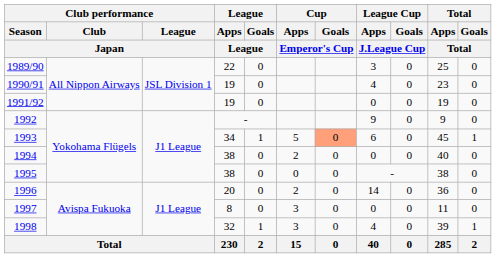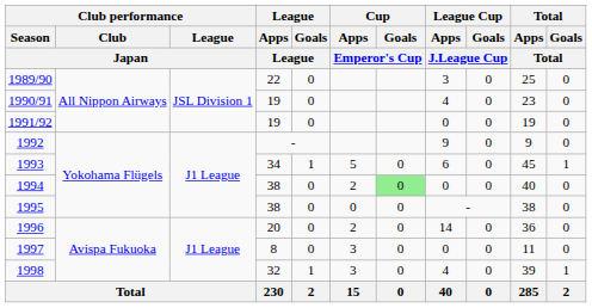 <table class="wikitable" style="text-align:center;">
 <tr>
 <th colspan=3>Club performance</th>
 <th colspan=2>League</th>
 <th colspan=2>Cup</th>
 <th colspan=2>League Cup</th>
 <th colspan=2>Total</th>
 </tr>
 <tr>
 <th>Season</th>
 <th>Club</th>
 <th>League</th>
 <th>Apps</th>
 <th>Goals</th>
 <th>Apps</th>
 <th>Goals</th>
 <th>Apps</th>
 <th>Goals</th>
 <th>Apps</th>
 <th>Goals</th>
 </tr>
 <tr>
 <th colspan=3>Japan</th>
 <th colspan=2>League</th>
 <th colspan=2><a href='#'>Emperor's Cup</a></th>
 <th colspan=2><a href='#'>J.League Cup</a></th>
 <th colspan=2>Total</th>
 </tr>
 <tr>
 <td><a href='#'>1989/90</a></td>
 <td rowspan="3"><a href='#'>All Nippon Airways</a></td>
 <td rowspan="3"><a href='#'>JSL Division 1</a></td>
 <td>22</td>
 <td>0</td>
 <td></td>
 <td></td>
 <td>3</td>
 <td>0</td>
 <td>25</td>
 <td>0</td>
 </tr>
 <tr>
 <td><a href='#'>1990/91</a></td>
 <td>19</td>
 <td>0</td>
 <td></td>
 <td></td>
 <td>4</td>
 <td>0</td>
 <td>23</td>
 <td>0</td>
 </tr>
 <tr>
 <td><a href='#'>1991/92</a></td>
 <td>19</td>
 <td>0</td>
 <td></td>
 <td></td>
 <td>0</td>
 <td>0</td>
 <td>19</td>
 <td>0</td>
 </tr>
 <tr>
 <td><a href='#'>1992</a></td>
 <td rowspan="4"><a href='#'>Yokohama Flügels</a></td>
 <td rowspan="4"><a href='#'>J1 League</a></td>
 <td colspan="2">-</td>
 <td></td>
 <td></td>
 <td>9</td>
 <td>0</td>
 <td>9</td>
 <td>0</td>
 </tr>
 <tr>
 <td><a href='#'>1993</a></td>
 <td>34</td>
 <td>1</td>
 <td>5</td>
-<td style="background: lightsalmon;">0</td>
+<td>0</td>
 <td>6</td>
 <td>0</td>
 <td>45</td>
 <td>1</td>
 </tr>
 <tr>
 <td><a href='#'>1994</a></td>
 <td>38</td>
 <td>0</td>
 <td>2</td>
-<td>0</td>
+<td style="background: lightgreen;">0</td>
 <td>0</td>
 <td>0</td>
 <td>40</td>
 <td>0</td>
 </tr>
 <tr>
 <td><a href='#'>1995</a></td>
 <td>38</td>
 <td>0</td>
 <td>0</td>
 <td>0</td>
 <td colspan="2">-</td>
 <td>38</td>
 <td>0</td>
 </tr>
 <tr>
 <td><a href='#'>1996</a></td>
 <td rowspan="3"><a href='#'>Avispa Fukuoka</a></td>
 <td rowspan="3"><a href='#'>J1 League</a></td>
 <td>20</td>
 <td>0</td>
 <td>2</td>
 <td>0</td>
 <td>14</td>
 <td>0</td>
 <td>36</td>
 <td>0</td>
 </tr>
 <tr>
 <td><a href='#'>1997</a></td>
 <td>8</td>
 <td>0</td>
 <td>3</td>
 <td>0</td>
 <td>0</td>
 <td>0</td>
 <td>11</td>
 <td>0</td>
 </tr>
 <tr>
 <td><a href='#'>1998</a></td>
 <td>32</td>
 <td>1</td>
 <td>3</td>
 <td>0</td>
 <td>4</td>
 <td>0</td>
 <td>39</td>
 <td>1</td>
 </tr>
 <tr>
 <th colspan=3>Total</th>
 <th>230</th>
 <th>2</th>
 <th>15</th>
 <th>0</th>
 <th>40</th>
 <th>0</th>
 <th>285</th>
 <th>2</th>
 </tr>
 </table>
